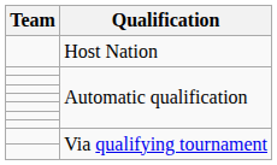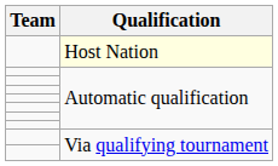 <table class="wikitable sortable">
 <tr>
 <th>Team</th>
 <th>Qualification</th>
 </tr>
 <tr>
 <td></td>
-<td>Host Nation</td>
+<td style="background: lightyellow;">Host Nation</td>
 </tr>
 <tr>
 <td></td>
 <td rowspan=7>Automatic qualification</td>
 </tr>
 <tr>
 <td></td>
 </tr>
 <tr>
 <td></td>
 </tr>
 <tr>
 <td></td>
 </tr>
 <tr>
 <td></td>
 </tr>
 <tr>
 <td></td>
 </tr>
 <tr>
 <td></td>
 </tr>
 <tr>
 <td></td>
 <td rowspan=2>Via <a href='#'>qualifying tournament</a></td>
 </tr>
 <tr>
 <td></td>
 </tr>
 </table>
